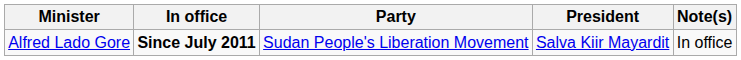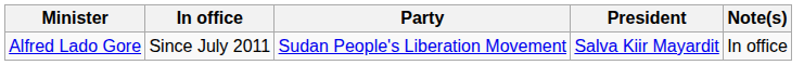 <table class="wikitable">
 <tr>
 <th>Minister</th>
 <th>In office</th>
 <th>Party</th>
 <th>President</th>
 <th>Note(s)</th>
 </tr>
 <tr>
 <td><a href='#'>Alfred Lado Gore</a></td>
-<td><strong>Since July 2011</strong></td>
+<td>Since July 2011</td>
 <td><a href='#'>Sudan People's Liberation Movement</a></td>
 <td><a href='#'>Salva Kiir Mayardit</a></td>
 <td>In office</td>
 </tr>
 <tr>
 </tr>
 </table>
